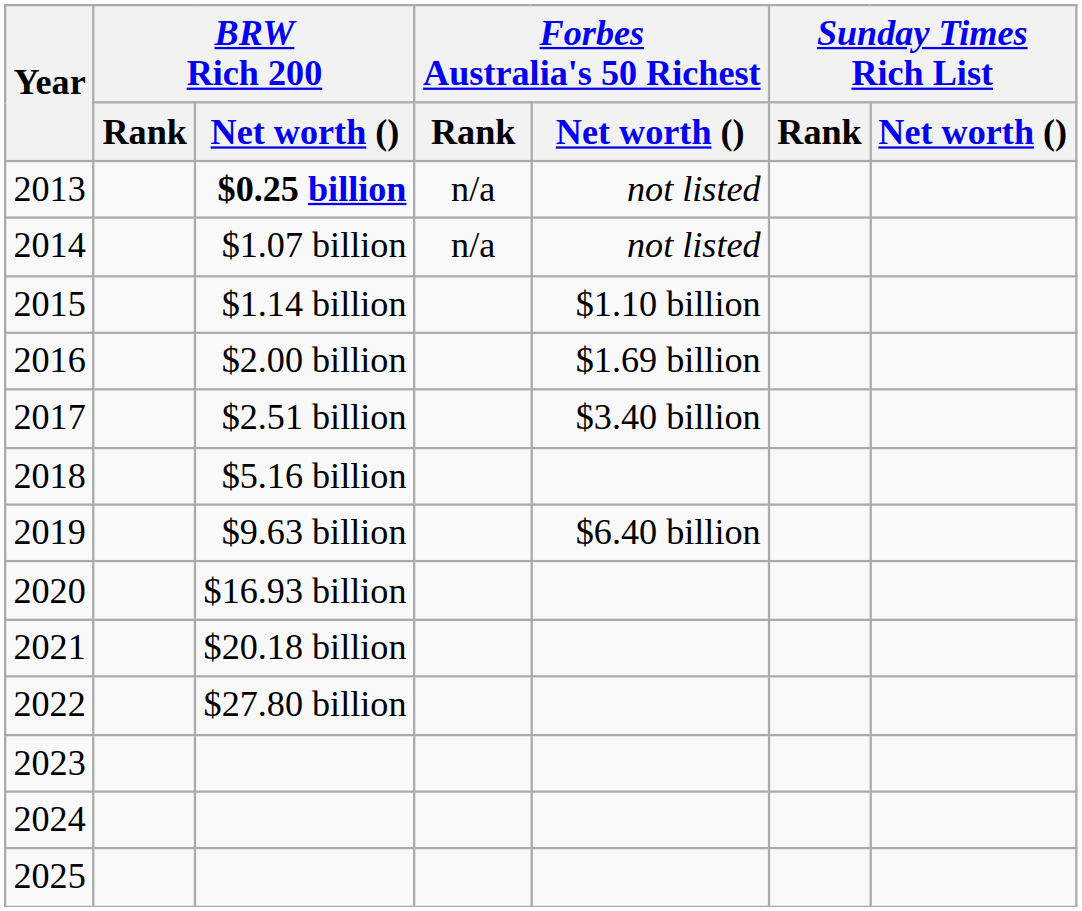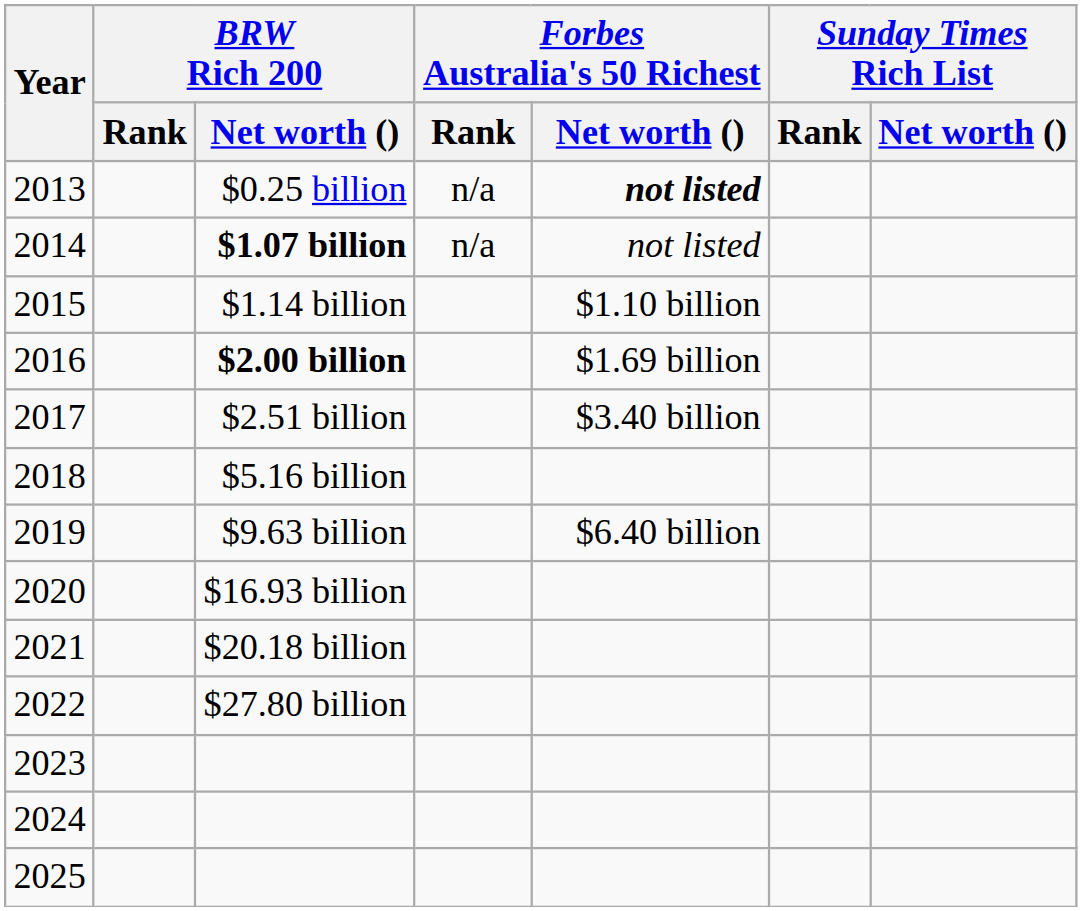 <table class="wikitable">
 <tr>
 <th rowspan=2>Year</th>
 <th colspan=2><em><a href='#'>BRW</a></em><br><a href='#'>Rich 200</a></th>
 <th colspan=2><em><a href='#'>Forbes</a></em><br><a href='#'>Australia's 50 Richest</a></th>
 <th colspan=2><em><a href='#'>Sunday Times</a></em><br><a href='#'>Rich List</a></th>
 </tr>
 <tr>
 <th>Rank</th>
 <th><a href='#'>Net worth</a> ()</th>
 <th>Rank</th>
 <th><a href='#'>Net worth</a> ()</th>
 <th>Rank</th>
 <th><a href='#'>Net worth</a> ()</th>
 </tr>
 <tr>
 <td>2013</td>
 <td align="center"></td>
-<td align="right"><strong>$0.25 <a href='#'>billion</a> </strong></td>
+<td align="right">$0.25 <a href='#'>billion</a> </td>
 <td align="center">n/a</td>
-<td align="right"><em>not listed</em></td>
+<td align="right"><strong><em>not listed</em></strong></td>
 <td align="center"></td>
 <td align="right"></td>
 </tr>
 <tr>
 <td>2014</td>
 <td align="center"> </td>
-<td align="right">$1.07 billion </td>
+<td align="right"><strong>$1.07 billion </strong></td>
 <td align="center">n/a</td>
 <td align="right"><em>not listed</em></td>
 <td align="center"></td>
 <td align="right"></td>
 </tr>
 <tr>
 <td>2015</td>
 <td align="center"> </td>
 <td align="right">$1.14 billion </td>
 <td align="center"> </td>
 <td align="right">$1.10 billion </td>
 <td align="center"></td>
 <td align="right"></td>
 </tr>
 <tr>
 <td>2016</td>
 <td align="center"> </td>
-<td align="right">$2.00 billion </td>
+<td align="right"><strong>$2.00 billion </strong></td>
 <td align="center"> </td>
 <td align="right">$1.69 billion </td>
 <td align="center"></td>
 <td align="right"></td>
 </tr>
 <tr>
 <td>2017</td>
 <td align="center"> </td>
 <td align="right">$2.51 billion </td>
 <td align="center"> </td>
 <td align="right">$3.40 billion </td>
 <td align="center"></td>
 <td align="right"></td>
 </tr>
 <tr>
 <td>2018</td>
 <td align="center"> </td>
 <td align="right">$5.16 billion </td>
 <td align="center"> </td>
 <td align="right"></td>
 <td align="center"></td>
 <td align="right"></td>
 </tr>
 <tr>
 <td>2019</td>
 <td align="center"> </td>
 <td align="right">$9.63 billion </td>
 <td align="center"></td>
 <td align="right">$6.40 billion </td>
 <td align="center"></td>
 <td align="right"></td>
 </tr>
 <tr>
 <td>2020</td>
 <td align="center"></td>
 <td align="right">$16.93 billion </td>
 <td align="center"></td>
 <td align="right"></td>
 <td align="center"></td>
 <td align="right"></td>
 </tr>
 <tr>
 <td>2021</td>
 <td align="center"></td>
 <td align="right">$20.18 billion </td>
 <td align="center"></td>
 <td align="right"></td>
 <td align="center"></td>
 <td align="right"></td>
 </tr>
 <tr>
 <td>2022</td>
 <td align="center"></td>
 <td align="right">$27.80 billion </td>
 <td align="center"></td>
 <td align="right"></td>
 <td align="center"></td>
 <td align="right"></td>
 </tr>
 <tr>
 <td>2023</td>
 <td align="center"></td>
 <td align="right"></td>
 <td align="center"></td>
 <td align="right"></td>
 <td align="center"></td>
 <td align="right"></td>
 </tr>
 <tr>
 <td>2024</td>
 <td align="center"></td>
 <td align="right"></td>
 <td align="center"></td>
 <td align="right"></td>
 <td align="center"></td>
 <td align="right"></td>
 </tr>
 <tr>
 <td>2025</td>
 <td align="center"></td>
 <td align="right"></td>
 <td align="center"></td>
 <td align="right"></td>
 <td align="center"></td>
 <td align="right"></td>
 </tr>
 </table>
